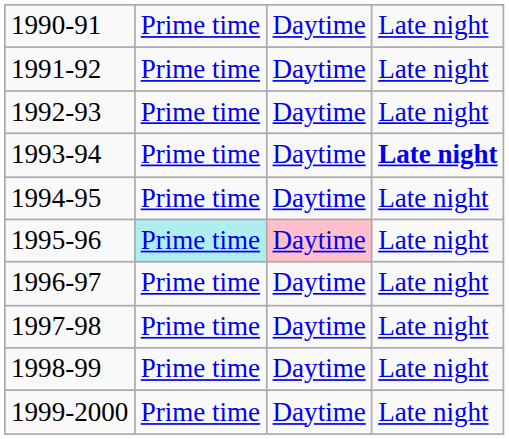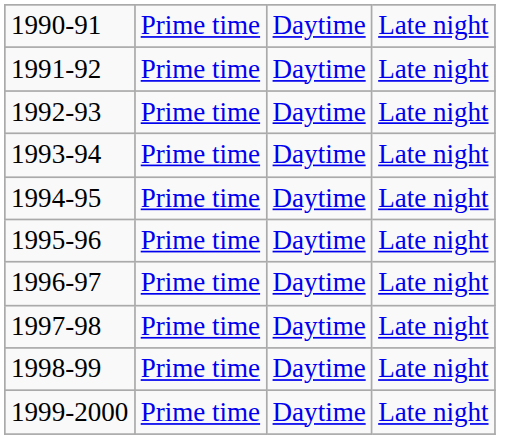 <table class="wikitable" border="1">
 <tr>
 <td>1990-91</td>
 <td><a href='#'>Prime time</a></td>
 <td><a href='#'>Daytime</a></td>
 <td><a href='#'>Late night</a></td>
 </tr>
 <tr>
 <td>1991-92</td>
 <td><a href='#'>Prime time</a></td>
 <td><a href='#'>Daytime</a></td>
 <td><a href='#'>Late night</a></td>
 </tr>
 <tr>
 <td>1992-93</td>
 <td><a href='#'>Prime time</a></td>
 <td><a href='#'>Daytime</a></td>
 <td><a href='#'>Late night</a></td>
 </tr>
 <tr>
 <td>1993-94</td>
 <td><a href='#'>Prime time</a></td>
 <td><a href='#'>Daytime</a></td>
-<td><strong><a href='#'>Late night</a></strong></td>
+<td><a href='#'>Late night</a></td>
 </tr>
 <tr>
 <td>1994-95</td>
 <td><a href='#'>Prime time</a></td>
 <td><a href='#'>Daytime</a></td>
 <td><a href='#'>Late night</a></td>
 </tr>
 <tr>
 <td>1995-96</td>
-<td style="background: paleturquoise;"><a href='#'>Prime time</a></td>
-<td style="background: pink;"><a href='#'>Daytime</a></td>
+<td><a href='#'>Prime time</a></td>
+<td><a href='#'>Daytime</a></td>
 <td><a href='#'>Late night</a></td>
 </tr>
 <tr>
 <td>1996-97</td>
 <td><a href='#'>Prime time</a></td>
 <td><a href='#'>Daytime</a></td>
 <td><a href='#'>Late night</a></td>
 </tr>
 <tr>
 <td>1997-98</td>
 <td><a href='#'>Prime time</a></td>
 <td><a href='#'>Daytime</a></td>
 <td><a href='#'>Late night</a></td>
 </tr>
 <tr>
 <td>1998-99</td>
 <td><a href='#'>Prime time</a></td>
 <td><a href='#'>Daytime</a></td>
 <td><a href='#'>Late night</a></td>
 </tr>
 <tr>
 <td>1999-2000</td>
 <td><a href='#'>Prime time</a></td>
 <td><a href='#'>Daytime</a></td>
 <td><a href='#'>Late night</a></td>
 </tr>
 </table>
